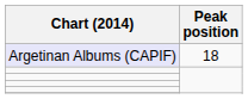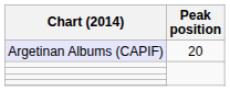 <table class="wikitable sortable">
 <tr>
 <th>Chart (2014)</th>
 <th>Peak<br>position</th>
 </tr>
 <tr>
 <td style="background: lavender;">Argetinan Albums (CAPIF)</td>
-<td align="center">18</td>
+<td align="center">20</td>
 </tr>
 <tr>
 <td></td>
 </tr>
 <tr>
 <td></td>
 </tr>
 <tr>
 <td></td>
 </tr>
 <tr>
 <td></td>
 </tr>
 <tr>
 </tr>
 </table>
